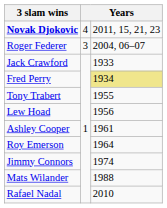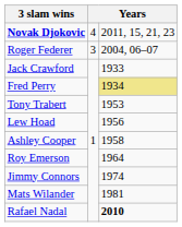 <table class=wikitable style="display:inline-table;">
 <tr>
 <th>3 slam wins</th>
 <th colspan=2>Years</th>
 </tr>
 <tr>
 <td> <strong><a href='#'>Novak Djokovic</a></strong></td>
 <td>4</td>
 <td>2011, 15, 21, 23</td>
 </tr>
 <tr>
 <td> <a href='#'>Roger Federer</a></td>
 <td>3</td>
 <td>2004, 06–07</td>
 </tr>
 <tr>
 <td> <a href='#'>Jack Crawford</a></td>
 <td rowspan=9>1</td>
 <td>1933</td>
 </tr>
 <tr>
 <td> <a href='#'>Fred Perry</a></td>
 <td style="background: khaki;">1934</td>
 </tr>
 <tr>
 <td> <a href='#'>Tony Trabert</a></td>
-<td>1955</td>
+<td>1953</td>
 </tr>
 <tr>
 <td> <a href='#'>Lew Hoad</a></td>
 <td>1956</td>
 </tr>
 <tr>
 <td> <a href='#'>Ashley Cooper</a></td>
-<td>1961</td>
+<td>1958</td>
 </tr>
 <tr>
 <td> <a href='#'>Roy Emerson</a></td>
 <td>1964</td>
 </tr>
 <tr>
 <td> <a href='#'>Jimmy Connors</a></td>
 <td>1974</td>
 </tr>
 <tr>
 <td> <a href='#'>Mats Wilander</a></td>
-<td>1988</td>
+<td>1981</td>
 </tr>
 <tr>
 <td> <a href='#'>Rafael Nadal</a></td>
-<td>2010</td>
+<td><strong>2010</strong></td>
 </tr>
 </table>
